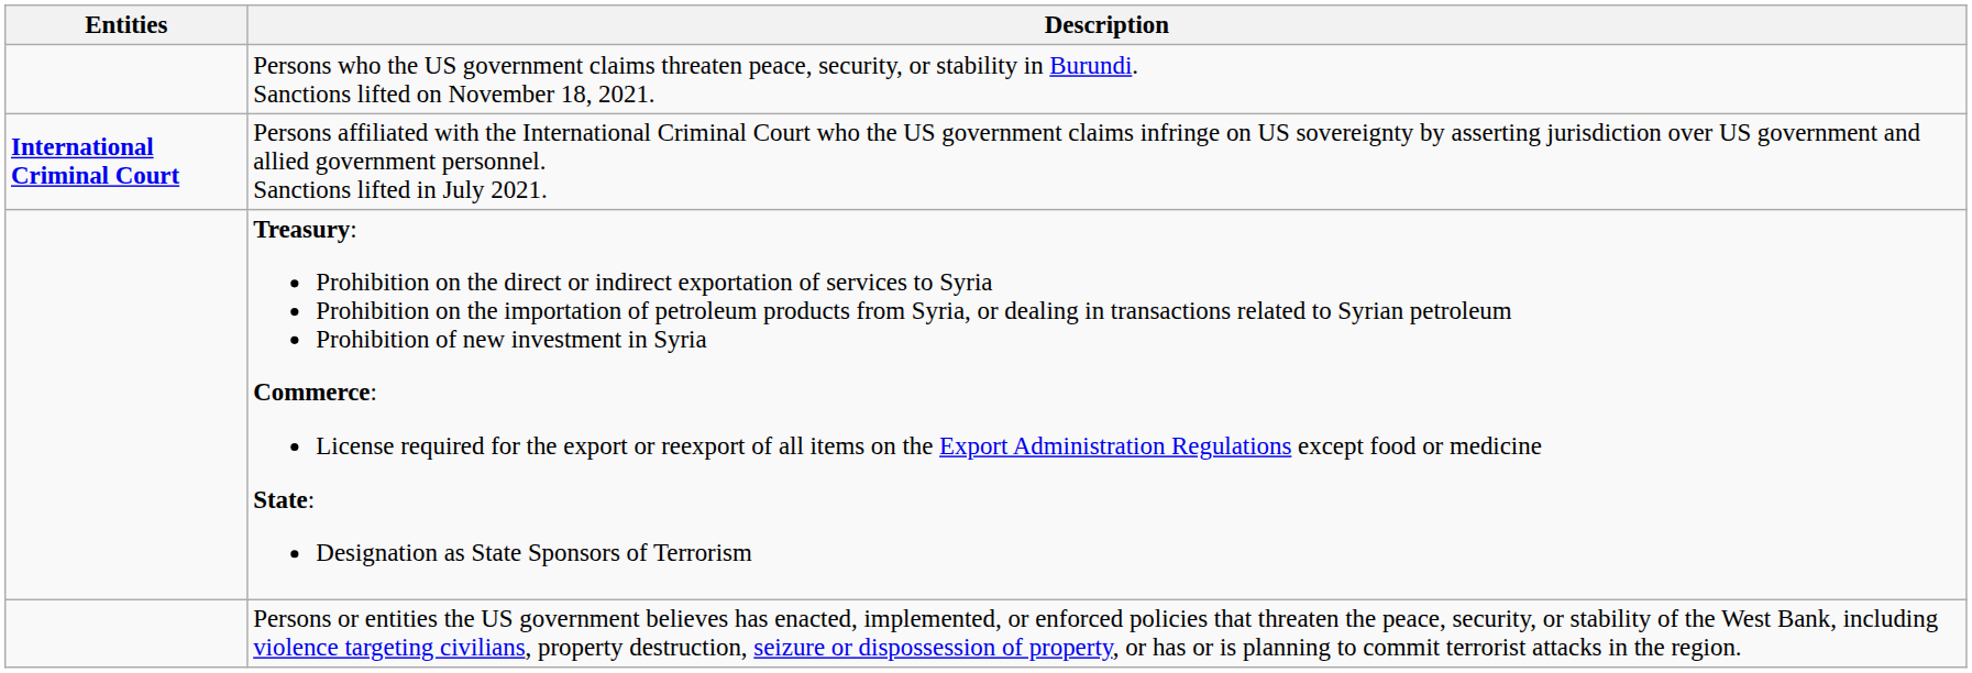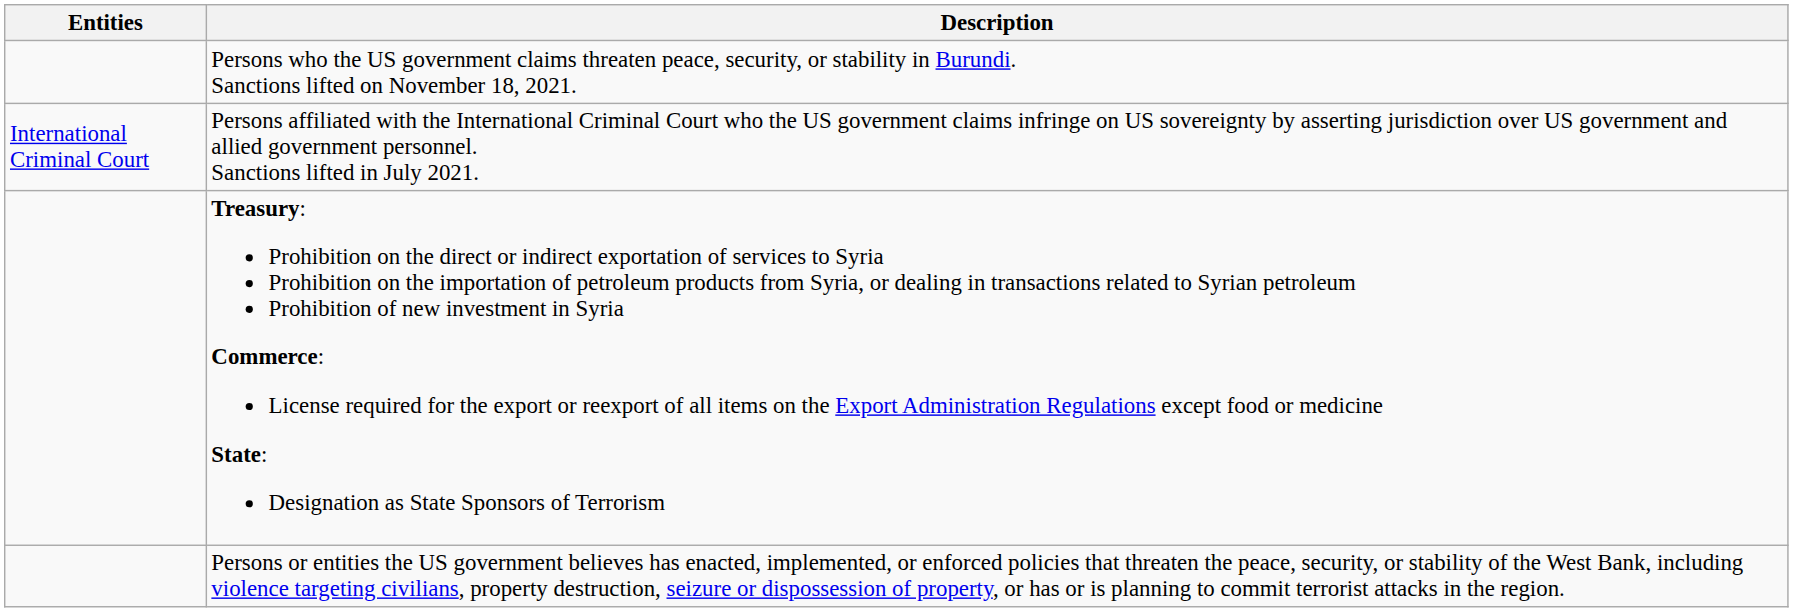 <table class="wikitable">
 <tr>
 <th>Entities</th>
 <th>Description</th>
 </tr>
 <tr>
 <td></td>
 <td>Persons who the US government claims threaten peace, security, or stability in <a href='#'>Burundi</a>.<br>Sanctions lifted on November 18, 2021.</td>
 </tr>
 <tr>
-<td><strong><a href='#'>International Criminal Court</a></strong></td>
+<td><a href='#'>International Criminal Court</a></td>
 <td>Persons affiliated with the International Criminal Court who the US government claims infringe on US sovereignty by asserting jurisdiction over US government and allied government personnel.<br>Sanctions lifted in July 2021.</td>
 </tr>
 <tr>
 <td></td>
 <td><strong>Treasury</strong>:<br><ul><li>Prohibition on the direct or indirect exportation of services to Syria</li><li>Prohibition on the importation of petroleum products from Syria, or dealing in transactions related to Syrian petroleum</li><li>Prohibition of new investment in Syria</li></ul><strong>Commerce</strong>:<ul><li>License required for the export or reexport of all items on the <a href='#'>Export Administration Regulations</a> except food or medicine</li></ul><strong>State</strong>:<ul><li>Designation as State Sponsors of Terrorism</li></ul></td>
 </tr>
 <tr>
 <td><br></td>
 <td>Persons or entities the US government believes has enacted, implemented, or enforced policies that threaten the peace, security, or stability of the West Bank, including <a href='#'>violence targeting civilians</a>, property destruction, <a href='#'>seizure or dispossession of property</a>, or has or is planning to commit terrorist attacks in the region.</td>
 </tr>
 </table>
